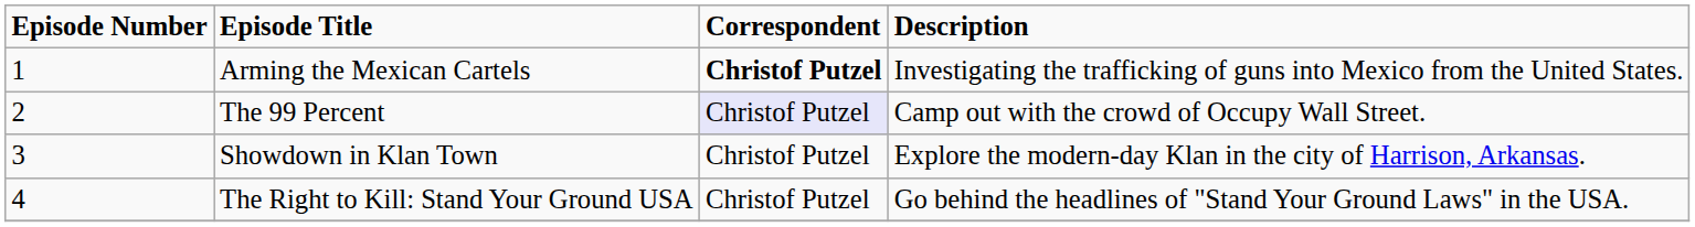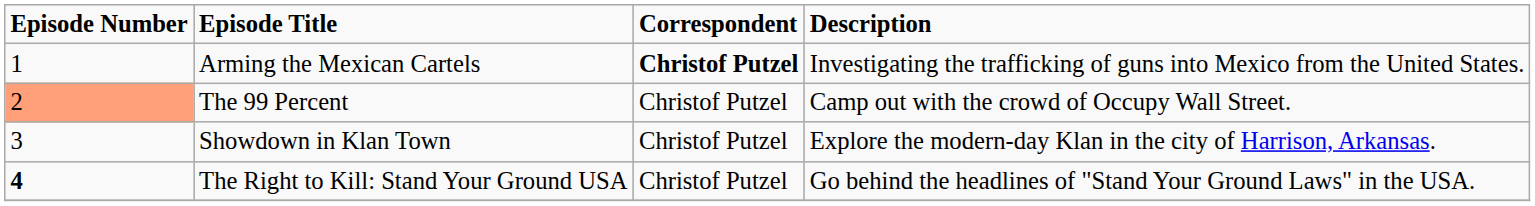 <table class="wikitable">
 <tr>
 <td><strong>Episode Number</strong></td>
 <td><strong>Episode Title</strong></td>
 <td><strong>Correspondent</strong></td>
 <td><strong>Description</strong></td>
 </tr>
 <tr>
 <td>1</td>
 <td>Arming the Mexican Cartels</td>
 <td><strong>Christof Putzel</strong></td>
 <td>Investigating the trafficking of guns into Mexico from the United States.</td>
 </tr>
 <tr>
-<td>2</td>
+<td style="background: lightsalmon;">2</td>
 <td>The 99 Percent</td>
-<td style="background: lavender;">Christof Putzel</td>
+<td>Christof Putzel</td>
 <td>Camp out with the crowd of Occupy Wall Street.</td>
 </tr>
 <tr>
 <td>3</td>
 <td>Showdown in Klan Town</td>
 <td>Christof Putzel</td>
 <td>Explore the modern-day Klan in the city of <a href='#'>Harrison, Arkansas</a>.</td>
 </tr>
 <tr>
-<td>4</td>
+<td><strong>4</strong></td>
 <td>The Right to Kill: Stand Your Ground USA</td>
 <td>Christof Putzel</td>
 <td>Go behind the headlines of "Stand Your Ground Laws" in the USA.</td>
 </tr>
 <tr>
 </tr>
 </table>
